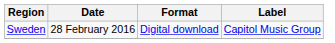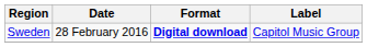 <table class=wikitable>
 <tr>
 <th>Region</th>
 <th>Date</th>
 <th>Format</th>
 <th>Label</th>
 </tr>
 <tr>
 <td><a href='#'>Sweden</a></td>
 <td>28 February 2016</td>
-<td><a href='#'>Digital download</a></td>
+<td><strong><a href='#'>Digital download</a></strong></td>
 <td><a href='#'>Capitol Music Group</a></td>
 </tr>
 <tr>
 </tr>
 </table>
